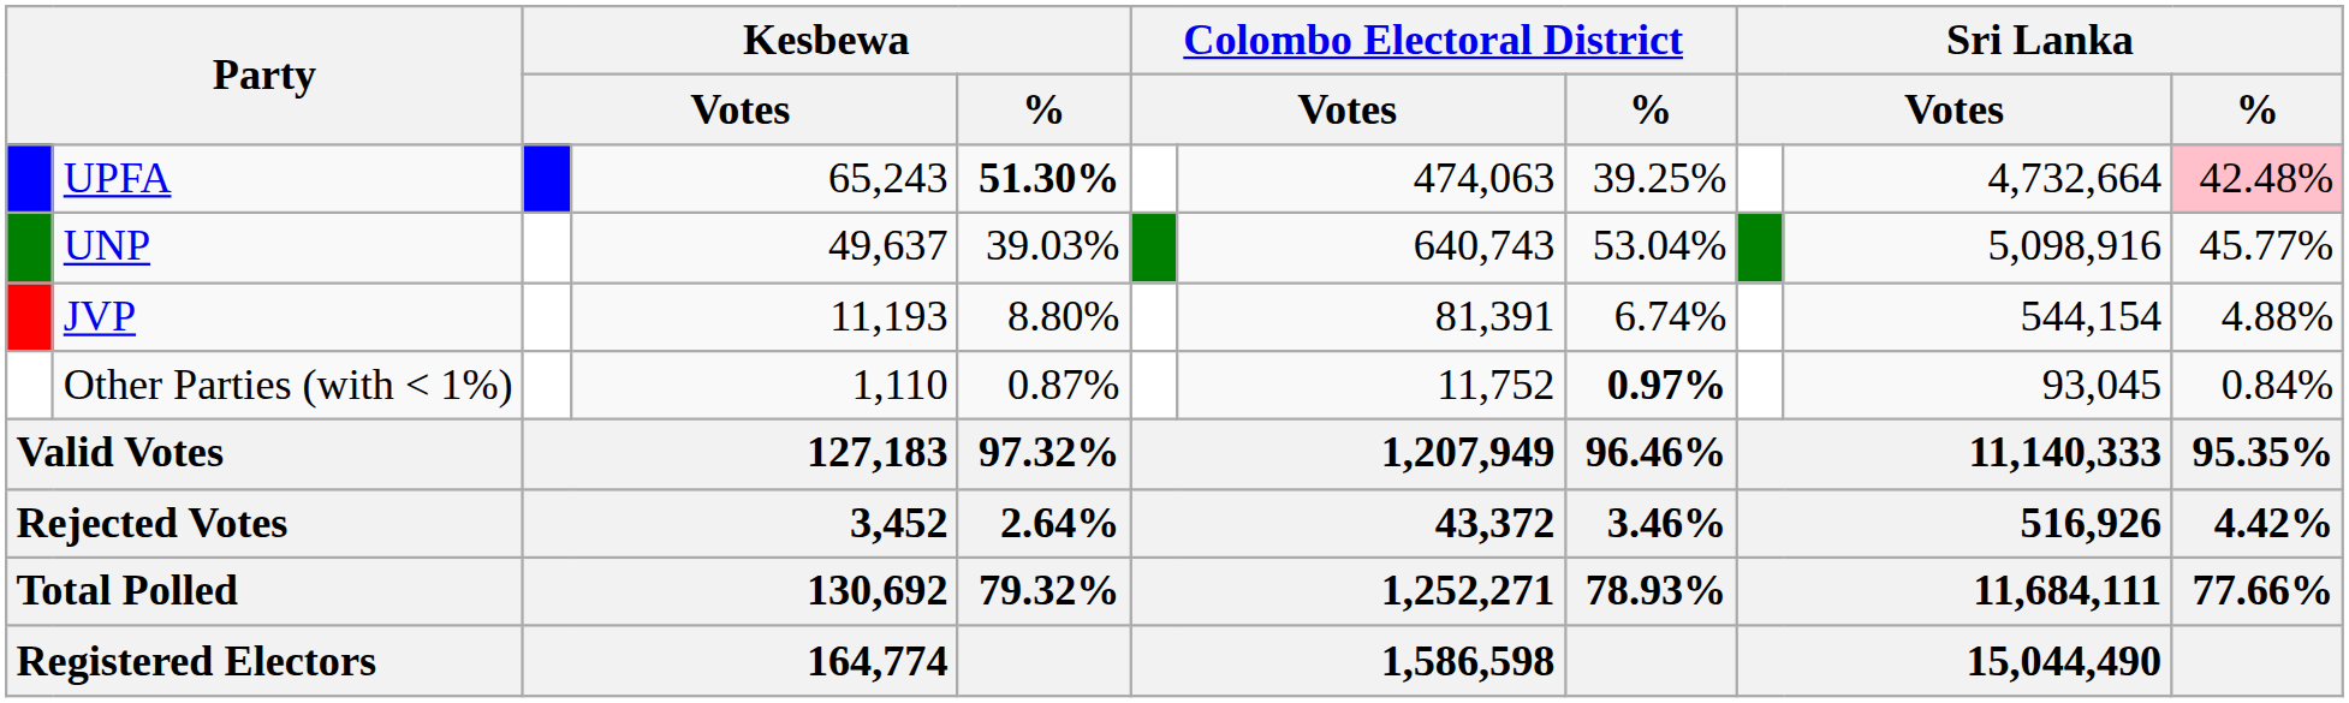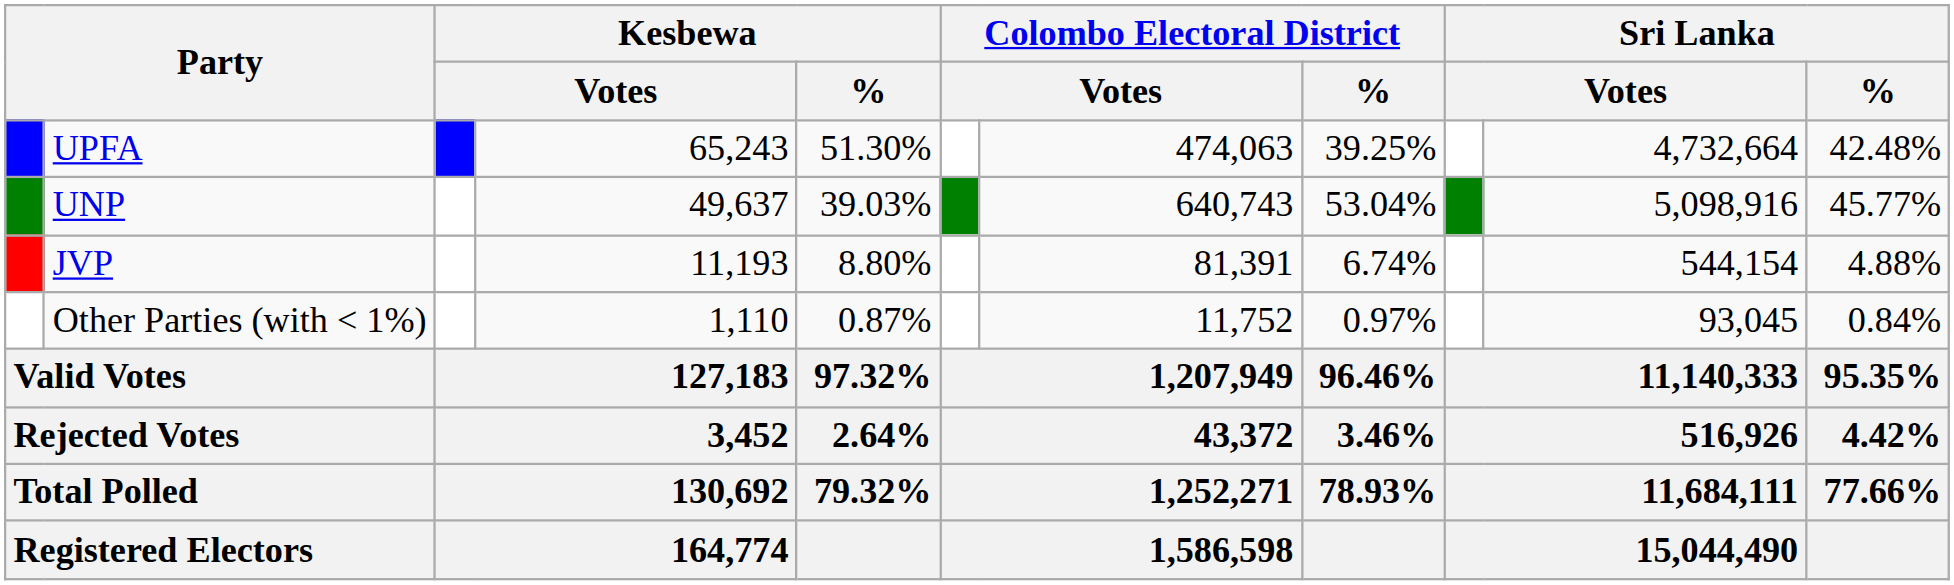 <table class="wikitable">
 <tr>
 <th colspan="2" width="144px"rowspan="2">Party</th>
 <th colspan="3" width="216px">Kesbewa</th>
 <th colspan="3" width="216px"><a href='#'>Colombo Electoral District</a></th>
 <th colspan="3" width="216px">Sri Lanka</th>
 </tr>
 <tr>
 <th colspan="2" width="144px">Votes</th>
 <th>%</th>
 <th colspan="2" width="144px">Votes</th>
 <th>%</th>
 <th colspan="2" width="144px">Votes</th>
 <th>%</th>
 </tr>
 <tr>
 <td style="background-color:blue;" width="10px"></td>
 <td style="text-align:left;"><a href='#'>UPFA</a></td>
 <td style="background-color:blue;" width="10px"></td>
 <td style="text-align:right;">65,243</td>
-<td style="text-align:right;"><strong>51.30%</strong></td>
+<td style="text-align:right;">51.30%</td>
 <td style="background-color:white;" width="10px"></td>
 <td style="text-align:right;">474,063</td>
 <td style="text-align:right;">39.25%</td>
 <td style="background-color:white;" width="10px"></td>
 <td style="text-align:right;">4,732,664</td>
-<td style="background: pink; text-align:right;">42.48%</td>
+<td style="text-align:right;">42.48%</td>
 </tr>
 <tr>
 <td style="background-color:green;" width="10px"></td>
 <td style="text-align:left;"><a href='#'>UNP</a></td>
 <td style="background-color:white;" width="10px"></td>
 <td style="text-align:right;">49,637</td>
 <td style="text-align:right;">39.03%</td>
 <td style="background-color:green;" width="10px"></td>
 <td style="text-align:right;">640,743</td>
 <td style="text-align:right;">53.04%</td>
 <td style="background-color:green;" width="10px"></td>
 <td style="text-align:right;">5,098,916</td>
 <td style="text-align:right;">45.77%</td>
 </tr>
 <tr>
 <td style="background-color:red;" width="10px"></td>
 <td style="text-align:left;"><a href='#'>JVP</a></td>
 <td style="background-color:white;" width="10px"></td>
 <td style="text-align:right;">11,193</td>
 <td style="text-align:right;">8.80%</td>
 <td style="background-color:white;" width="10px"></td>
 <td style="text-align:right;">81,391</td>
 <td style="text-align:right;">6.74%</td>
 <td style="background-color:white;" width="10px"></td>
 <td style="text-align:right;">544,154</td>
 <td style="text-align:right;">4.88%</td>
 </tr>
 <tr>
 <td style="background-color:white;" width="10px"></td>
 <td style="text-align:left;">Other Parties (with < 1%)</td>
 <td style="background-color:white;" width="10px"></td>
 <td style="text-align:right;">1,110</td>
 <td style="text-align:right;">0.87%</td>
 <td style="background-color:white;" width="10px"></td>
 <td style="text-align:right;">11,752</td>
-<td style="text-align:right;"><strong>0.97%</strong></td>
+<td style="text-align:right;">0.97%</td>
 <td style="background-color:white;" width="10px"></td>
 <td style="text-align:right;">93,045</td>
 <td style="text-align:right;">0.84%</td>
 </tr>
 <tr>
 <th colspan="2" width="144px"style="text-align:left;">Valid Votes</th>
 <th style="text-align:right;"colspan="2" width="144px">127,183</th>
 <th style="text-align:right;">97.32%</th>
 <th style="text-align:right;"colspan="2" width="144px">1,207,949</th>
 <th style="text-align:right;">96.46%</th>
 <th style="text-align:right;"colspan="2" width="144px">11,140,333</th>
 <th style="text-align:right;">95.35%</th>
 </tr>
 <tr>
 <th colspan="2" width="144px"style="text-align:left;">Rejected Votes</th>
 <th style="text-align:right;"colspan="2" width="144px">3,452</th>
 <th style="text-align:right;">2.64%</th>
 <th style="text-align:right;"colspan="2" width="144px">43,372</th>
 <th style="text-align:right;">3.46%</th>
 <th style="text-align:right;"colspan="2" width="144px">516,926</th>
 <th style="text-align:right;">4.42%</th>
 </tr>
 <tr>
 <th colspan="2" width="144px"style="text-align:left;">Total Polled</th>
 <th style="text-align:right;"colspan="2" width="144px">130,692</th>
 <th style="text-align:right;">79.32%</th>
 <th style="text-align:right;"colspan="2" width="144px">1,252,271</th>
 <th style="text-align:right;">78.93%</th>
 <th style="text-align:right;"colspan="2" width="144px">11,684,111</th>
 <th style="text-align:right;">77.66%</th>
 </tr>
 <tr>
 <th colspan="2" width="144px"style="text-align:left;">Registered Electors</th>
 <th style="text-align:right;"colspan="2" width="144px">164,774</th>
 <th></th>
 <th style="text-align:right;"colspan="2" width="144px">1,586,598</th>
 <th></th>
 <th style="text-align:right;"colspan="2" width="144px">15,044,490</th>
 <th></th>
 </tr>
 </table>
